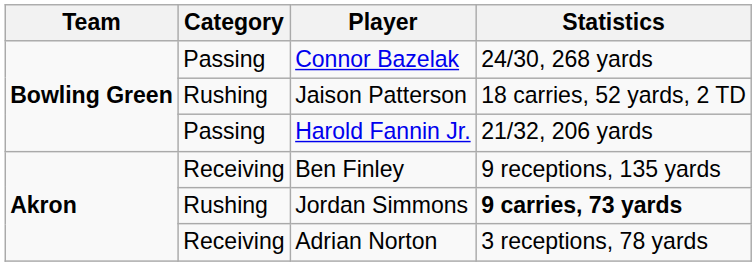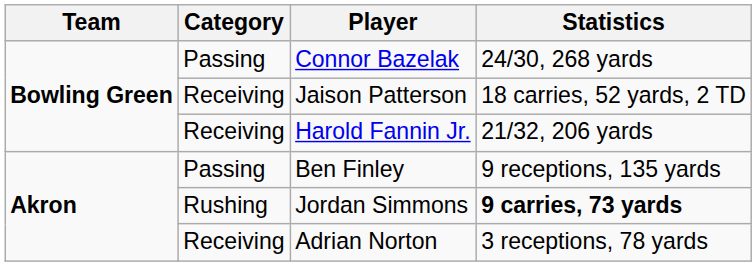 <table class="wikitable" style="float: right;">
 <tr>
 <th>Team</th>
 <th>Category</th>
 <th>Player</th>
 <th>Statistics</th>
 </tr>
 <tr>
 <td rowspan=3><strong>Bowling Green</strong></td>
 <td>Passing</td>
 <td><a href='#'>Connor Bazelak</a></td>
 <td>24/30, 268 yards</td>
 </tr>
 <tr>
-<td>Rushing</td>
+<td>Receiving</td>
 <td>Jaison Patterson</td>
 <td>18 carries, 52 yards, 2 TD</td>
 </tr>
 <tr>
-<td>Passing</td>
+<td>Receiving</td>
 <td><a href='#'>Harold Fannin Jr.</a></td>
 <td>21/32, 206 yards</td>
 </tr>
 <tr>
 <td rowspan=3><strong>Akron</strong></td>
-<td>Receiving</td>
+<td>Passing</td>
 <td>Ben Finley</td>
 <td>9 receptions, 135 yards</td>
 </tr>
 <tr>
 <td>Rushing</td>
 <td>Jordan Simmons</td>
 <td><strong>9 carries, 73 yards</strong></td>
 </tr>
 <tr>
 <td>Receiving</td>
 <td>Adrian Norton</td>
 <td>3 receptions, 78 yards</td>
 </tr>
 </table>
